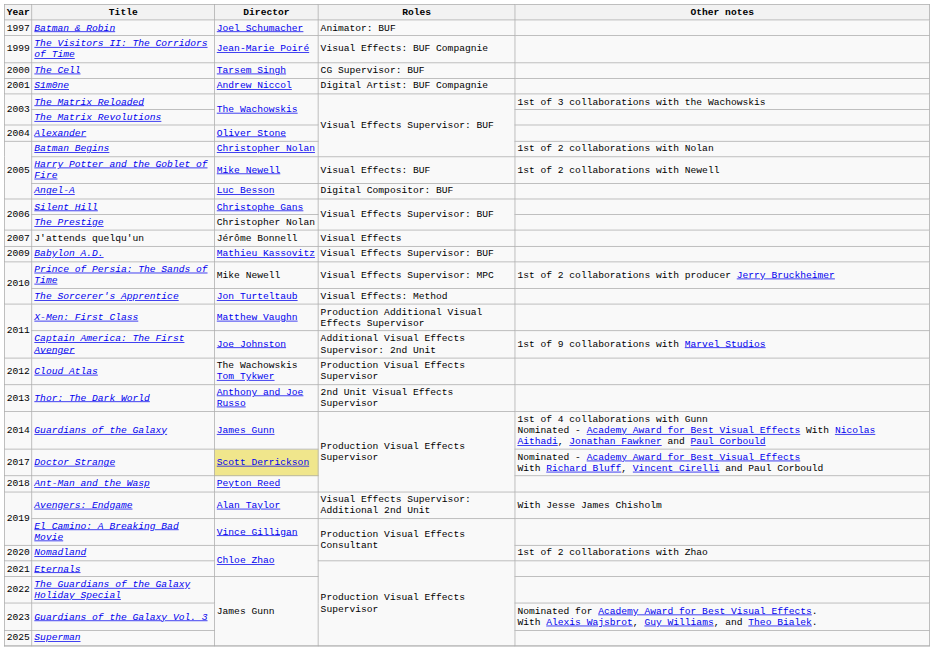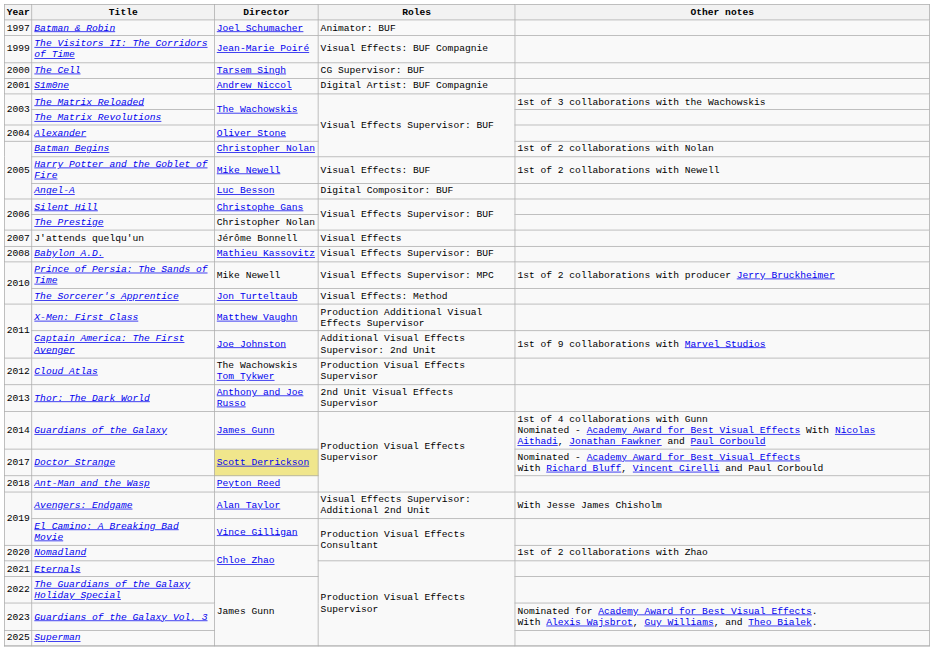 <table class="wikitable">
 <tr>
 <th>Year</th>
 <th>Title</th>
 <th>Director</th>
 <th>Roles</th>
 <th>Other notes</th>
 </tr>
 <tr>
 <td>1997</td>
 <td><em><a href='#'>Batman & Robin</a></em></td>
 <td><a href='#'>Joel Schumacher</a></td>
 <td>Animator: BUF</td>
 <td></td>
 </tr>
 <tr>
 <td>1999</td>
 <td><em><a href='#'>The Visitors II: The Corridors of Time</a></em></td>
 <td><a href='#'>Jean-Marie Poiré</a></td>
 <td>Visual Effects: BUF Compagnie</td>
 <td></td>
 </tr>
 <tr>
 <td>2000</td>
 <td><em><a href='#'>The Cell</a></em></td>
 <td><a href='#'>Tarsem Singh</a></td>
 <td>CG Supervisor: BUF</td>
 <td></td>
 </tr>
 <tr>
 <td>2001</td>
 <td><em><a href='#'>S1m0ne</a></em></td>
 <td><a href='#'>Andrew Niccol</a></td>
 <td>Digital Artist: BUF Compagnie</td>
 <td></td>
 </tr>
 <tr>
 <td rowspan="2">2003</td>
 <td><em><a href='#'>The Matrix Reloaded</a></em></td>
 <td rowspan="2"><a href='#'>The Wachowskis</a></td>
 <td rowspan="4">Visual Effects Supervisor: BUF</td>
 <td>1st of 3 collaborations with the Wachowskis</td>
 </tr>
 <tr>
 <td><em><a href='#'>The Matrix Revolutions</a></em></td>
 <td></td>
 </tr>
 <tr>
 <td>2004</td>
 <td><em><a href='#'>Alexander</a></em></td>
 <td><a href='#'>Oliver Stone</a></td>
 <td></td>
 </tr>
 <tr>
 <td rowspan="3">2005</td>
 <td><em><a href='#'>Batman Begins</a></em></td>
 <td><a href='#'>Christopher Nolan</a></td>
 <td>1st of 2 collaborations with Nolan</td>
 </tr>
 <tr>
 <td><em><a href='#'>Harry Potter and the Goblet of Fire</a></em></td>
 <td><a href='#'>Mike Newell</a></td>
 <td>Visual Effects: BUF</td>
 <td>1st of 2 collaborations with Newell</td>
 </tr>
 <tr>
 <td><em><a href='#'>Angel-A</a></em></td>
 <td><a href='#'>Luc Besson</a></td>
 <td>Digital Compositor: BUF</td>
 <td></td>
 </tr>
 <tr>
 <td rowspan="2">2006</td>
 <td><em><a href='#'>Silent Hill</a></em></td>
 <td><a href='#'>Christophe Gans</a></td>
 <td rowspan="2">Visual Effects Supervisor: BUF</td>
 <td></td>
 </tr>
 <tr>
 <td><em><a href='#'>The Prestige</a></em></td>
 <td>Christopher Nolan</td>
 <td></td>
 </tr>
 <tr>
 <td>2007</td>
 <td>J'attends quelqu'un</td>
 <td>Jérôme Bonnell</td>
 <td>Visual Effects</td>
 <td></td>
 </tr>
 <tr>
-<td>2009</td>
+<td>2008</td>
 <td><em><a href='#'>Babylon A.D.</a></em></td>
 <td><a href='#'>Mathieu Kassovitz</a></td>
 <td>Visual Effects Supervisor: BUF</td>
 <td></td>
 </tr>
 <tr>
 <td rowspan="2">2010</td>
 <td><em><a href='#'>Prince of Persia: The Sands of Time</a></em></td>
 <td>Mike Newell</td>
 <td>Visual Effects Supervisor: MPC</td>
 <td>1st of 2 collaborations with producer <a href='#'>Jerry Bruckheimer</a></td>
 </tr>
 <tr>
 <td><em><a href='#'>The Sorcerer's Apprentice</a></em></td>
 <td><a href='#'>Jon Turteltaub</a></td>
 <td>Visual Effects: Method</td>
 <td></td>
 </tr>
 <tr>
 <td rowspan="2">2011</td>
 <td><em><a href='#'>X-Men: First Class</a></em></td>
 <td><a href='#'>Matthew Vaughn</a></td>
 <td>Production Additional Visual Effects Supervisor</td>
 <td></td>
 </tr>
 <tr>
 <td><em><a href='#'>Captain America: The First Avenger</a></em></td>
 <td><a href='#'>Joe Johnston</a></td>
 <td>Additional Visual Effects Supervisor: 2nd Unit</td>
 <td>1st of 9 collaborations with <a href='#'>Marvel Studios</a></td>
 </tr>
 <tr>
 <td>2012</td>
 <td><em><a href='#'>Cloud Atlas</a></em></td>
 <td>The Wachowskis<br><a href='#'>Tom Tykwer</a></td>
 <td>Production Visual Effects Supervisor</td>
 <td></td>
 </tr>
 <tr>
 <td>2013</td>
 <td><em><a href='#'>Thor: The Dark World</a></em></td>
 <td><a href='#'>Anthony and Joe Russo</a></td>
 <td>2nd Unit Visual Effects Supervisor</td>
 <td></td>
 </tr>
 <tr>
 <td>2014</td>
 <td><em><a href='#'>Guardians of the Galaxy</a></em></td>
 <td><a href='#'>James Gunn</a></td>
 <td rowspan="3">Production Visual Effects Supervisor</td>
 <td>1st of 4 collaborations with Gunn<br>Nominated - <a href='#'>Academy Award for Best Visual Effects</a> With <a href='#'>Nicolas Aithadi</a>, <a href='#'>Jonathan Fawkner</a> and <a href='#'>Paul Corbould</a></td>
 </tr>
 <tr>
 <td>2017</td>
 <td><em><a href='#'>Doctor Strange</a></em></td>
 <td style="background: khaki;"><a href='#'>Scott Derrickson</a></td>
 <td>Nominated - <a href='#'>Academy Award for Best Visual Effects</a><br>With <a href='#'>Richard Bluff</a>, <a href='#'>Vincent Cirelli</a> and Paul Corbould</td>
 </tr>
 <tr>
 <td>2018</td>
 <td><em><a href='#'>Ant-Man and the Wasp</a></em></td>
 <td><a href='#'>Peyton Reed</a></td>
 <td></td>
 </tr>
 <tr>
 <td rowspan="2">2019</td>
 <td><em><a href='#'>Avengers: Endgame</a></em></td>
 <td><a href='#'>Alan Taylor</a></td>
 <td>Visual Effects Supervisor: Additional 2nd Unit</td>
 <td>With Jesse James Chisholm</td>
 </tr>
 <tr>
 <td><em><a href='#'>El Camino: A Breaking Bad Movie</a></em></td>
 <td><a href='#'>Vince Gilligan</a></td>
 <td rowspan="2">Production Visual Effects Consultant</td>
 <td></td>
 </tr>
 <tr>
 <td>2020</td>
 <td><em><a href='#'>Nomadland</a></em></td>
 <td rowspan="2"><a href='#'>Chloe Zhao</a></td>
 <td>1st of 2 collaborations with Zhao</td>
 </tr>
 <tr>
 <td>2021</td>
 <td><em><a href='#'>Eternals</a></em></td>
 <td rowspan="4">Production Visual Effects Supervisor</td>
 <td></td>
 </tr>
 <tr>
 <td>2022</td>
 <td><em><a href='#'>The Guardians of the Galaxy Holiday Special</a></em></td>
 <td rowspan="3">James Gunn</td>
 <td></td>
 </tr>
 <tr>
 <td>2023</td>
 <td><em><a href='#'>Guardians of the Galaxy Vol. 3</a></em></td>
 <td rowspan="1">Nominated for <a href='#'>Academy Award for Best Visual Effects</a>.<br>With <a href='#'>Alexis Wajsbrot</a>, <a href='#'>Guy Williams</a>, and <a href='#'>Theo Bialek</a>.</td>
 </tr>
 <tr>
 <td>2025</td>
 <td><em><a href='#'>Superman</a></em></td>
 <td rowspan="1"></td>
 </tr>
 <tr>
 </tr>
 </table>
